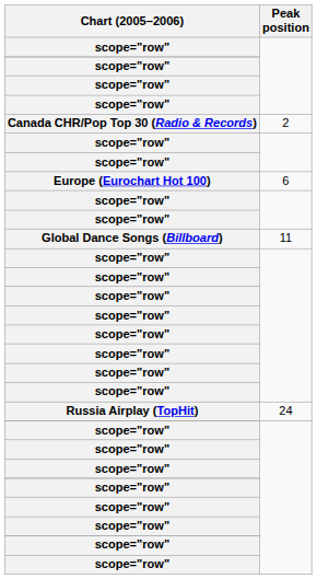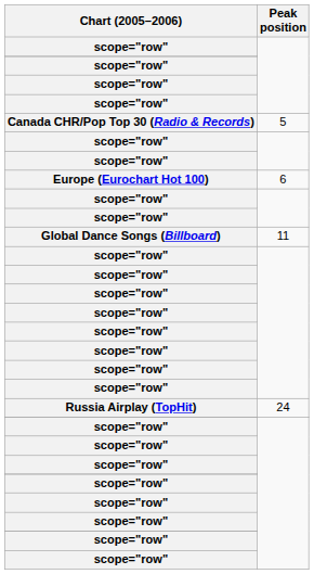 <table class="wikitable sortable plainrowheaders" style="text-align:center">
 <tr>
 <th scope="col">Chart (2005–2006)</th>
 <th scope="col">Peak<br>position</th>
 </tr>
 <tr>
 <th>scope="row"</th>
 </tr>
 <tr>
 </tr>
 <tr>
 <th>scope="row"</th>
 </tr>
 <tr>
 <th>scope="row"</th>
 </tr>
 <tr>
 <th>scope="row"</th>
 </tr>
 <tr>
 <th scope="row">Canada CHR/Pop Top 30 (<em><a href='#'>Radio & Records</a></em>)</th>
-<td align="center">2</td>
+<td align="center">5</td>
 </tr>
 <tr>
 <th>scope="row"</th>
 </tr>
 <tr>
 <th>scope="row"</th>
 </tr>
 <tr>
 <th scope="row">Europe (<a href='#'>Eurochart Hot 100</a>)</th>
 <td>6</td>
 </tr>
 <tr>
 <th>scope="row"</th>
 </tr>
 <tr>
 <th>scope="row"</th>
 </tr>
 <tr>
 <th scope="row">Global Dance Songs (<em><a href='#'>Billboard</a></em>)</th>
 <td>11</td>
 </tr>
 <tr>
 <th>scope="row"</th>
 </tr>
 <tr>
 <th>scope="row"</th>
 </tr>
 <tr>
 <th>scope="row"</th>
 </tr>
 <tr>
 <th>scope="row"</th>
 </tr>
 <tr>
 <th>scope="row"</th>
 </tr>
 <tr>
 <th>scope="row"</th>
 </tr>
 <tr>
 <th>scope="row"</th>
 </tr>
 <tr>
 <th>scope="row"</th>
 </tr>
 <tr>
 <th scope="row">Russia Airplay (<a href='#'>TopHit</a>)</th>
 <td>24</td>
 </tr>
 <tr>
 </tr>
 <tr>
 <th>scope="row"</th>
 </tr>
 <tr>
 <th>scope="row"</th>
 </tr>
 <tr>
 <th>scope="row"</th>
 </tr>
 <tr>
 </tr>
 <tr>
 <th>scope="row"</th>
 </tr>
 <tr>
 <th>scope="row"</th>
 </tr>
 <tr>
 <th>scope="row"</th>
 </tr>
 <tr>
 </tr>
 <tr>
 </tr>
 <tr>
 </tr>
 <tr>
 <th>scope="row"</th>
 </tr>
 <tr>
 <th>scope="row"</th>
 </tr>
 </table>
